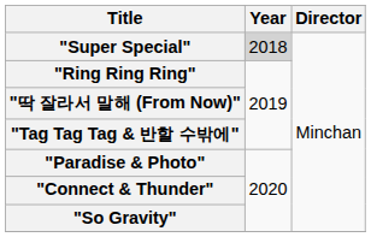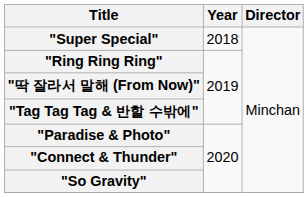 <table class="wikitable plainrowheaders" style="text-align:center">
 <tr>
 <th scope="col">Title</th>
 <th scope="col">Year</th>
 <th scope="col">Director</th>
 </tr>
 <tr>
 <th scope="row">"Super Special"</th>
-<td style="background: lightgrey;">2018</td>
+<td>2018</td>
 <td rowspan="7">Minchan</td>
 </tr>
 <tr>
 <th scope="row">"Ring Ring Ring"</th>
 <td Rowspan="3">2019</td>
 </tr>
 <tr>
 <th scope="row">"딱 잘라서 말해 (From Now)"</th>
 </tr>
 <tr>
 <th scope="row">"Tag Tag Tag & 반할 수밖에"</th>
 </tr>
 <tr>
 <th scope="row">"Paradise & Photo"</th>
 <td Rowspan="3">2020</td>
 </tr>
 <tr>
 <th scope="row">"Connect & Thunder"</th>
 </tr>
 <tr>
 <th scope="row">"So Gravity"</th>
 </tr>
 <tr>
 </tr>
 </table>
